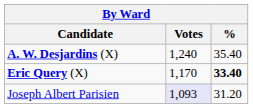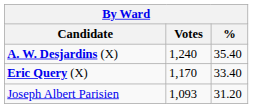 <table class="wikitable">
 <tr>
 <th colspan="3"><a href='#'>By Ward</a></th>
 </tr>
 <tr>
 <th style="width: 200px">Candidate</th>
 <th style="width: 50px">Votes</th>
 <th style="width: 40px">%</th>
 </tr>
 <tr>
 <td><strong><a href='#'>A. W. Desjardins</a></strong> (X)</td>
 <td>1,240</td>
 <td>35.40</td>
 </tr>
 <tr>
 <td><strong><a href='#'>Eric Query</a></strong> (X)</td>
 <td>1,170</td>
-<td><strong>33.40</strong></td>
+<td>33.40</td>
 </tr>
 <tr>
 <td><a href='#'>Joseph Albert Parisien</a></td>
-<td style="background: lavender;">1,093</td>
+<td>1,093</td>
 <td>31.20</td>
 </tr>
 </table>
